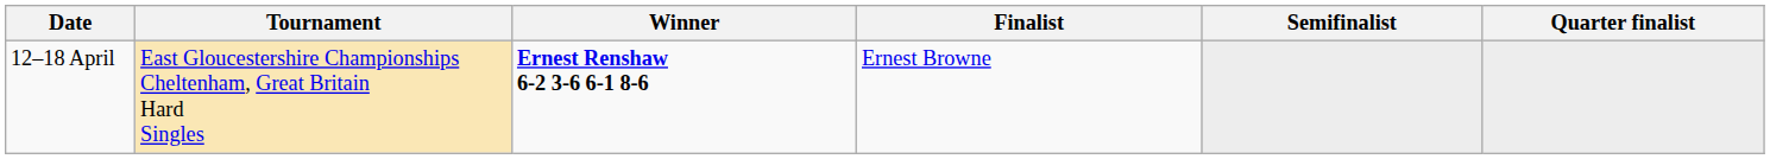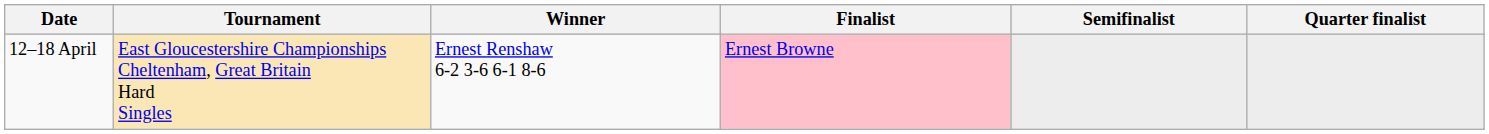 <table class="wikitable" style="font-size:85%;">
 <tr>
 <th width="75">Date</th>
 <th width="230">Tournament</th>
 <th width="210">Winner</th>
 <th width="210">Finalist</th>
 <th width="170">Semifinalist</th>
 <th width="170">Quarter finalist</th>
 </tr>
 <tr valign=top>
 <td rowspan=2>12–18 April</td>
 <td style="background:#fae7b5" rowspan=2><a href='#'>East Gloucestershire Championships</a>  <a href='#'>Cheltenham</a>, <a href='#'>Great Britain</a><br>Hard <br><a href='#'>Singles</a></td>
-<td><strong> <a href='#'>Ernest Renshaw</a><br>6-2 3-6 6-1 8-6</strong></td>
-<td> <a href='#'>Ernest Browne</a></td>
+<td> <a href='#'>Ernest Renshaw</a><br>6-2 3-6 6-1 8-6</td>
+<td style="background: pink;"> <a href='#'>Ernest Browne</a></td>
 <td style="background:#ededed;" rowspan=2></td>
 <td style="background:#ededed;" rowspan=2></td>
 </tr>
 </table>
